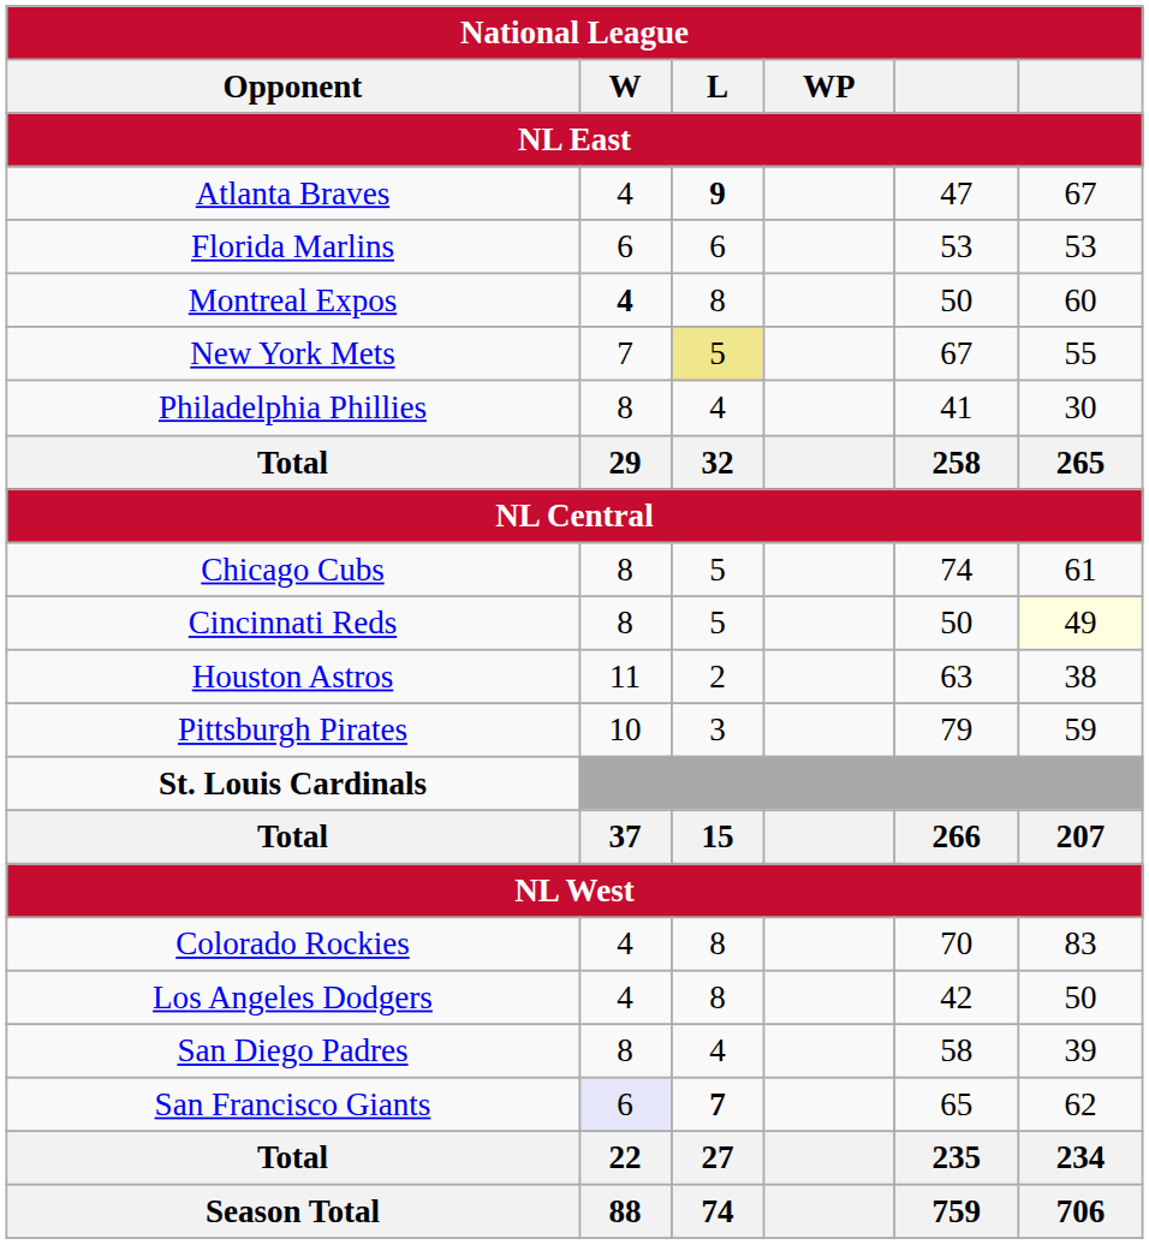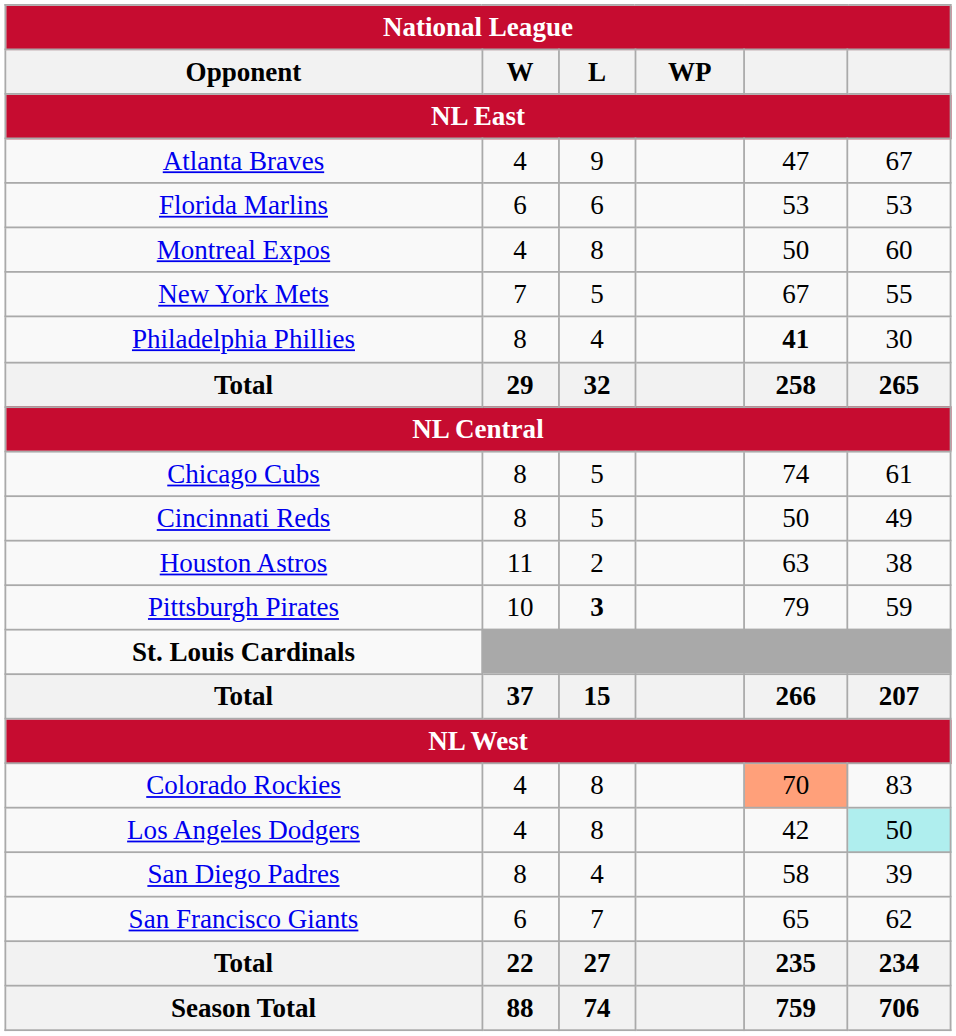 <table class="wikitable" style="font-size:95%; text-align:center; width:35em;margin: 0.5em auto;">
 <tr>
 <th colspan="7" style="background:#c60c30; color:#ffffff;">National League</th>
 </tr>
 <tr>
 <th>Opponent</th>
 <th>W</th>
 <th>L</th>
 <th>WP</th>
 <th></th>
 <th></th>
 </tr>
 <tr>
 <th colspan="7" style="background:#c60c30; color:#ffffff;">NL East</th>
 </tr>
 <tr>
 <td><a href='#'>Atlanta Braves</a></td>
 <td>4</td>
-<td><strong>9</strong></td>
+<td>9</td>
 <td></td>
 <td>47</td>
 <td>67</td>
 </tr>
 <tr>
 <td><a href='#'>Florida Marlins</a></td>
 <td>6</td>
 <td>6</td>
 <td></td>
 <td>53</td>
 <td>53</td>
 </tr>
 <tr>
 <td><a href='#'>Montreal Expos</a></td>
-<td><strong>4</strong></td>
+<td>4</td>
 <td>8</td>
 <td></td>
 <td>50</td>
 <td>60</td>
 </tr>
 <tr>
 <td><a href='#'>New York Mets</a></td>
 <td>7</td>
-<td style="background: khaki;">5</td>
+<td>5</td>
 <td></td>
 <td>67</td>
 <td>55</td>
 </tr>
 <tr>
 <td><a href='#'>Philadelphia Phillies</a></td>
 <td>8</td>
 <td>4</td>
 <td></td>
-<td>41</td>
+<td><strong>41</strong></td>
 <td>30</td>
 </tr>
 <tr>
 <th>Total</th>
 <th>29</th>
 <th>32</th>
 <th></th>
 <th>258</th>
 <th>265</th>
 </tr>
 <tr>
 <th colspan="7" style="background:#c60c30; color:#ffffff;">NL Central</th>
 </tr>
 <tr>
 <td><a href='#'>Chicago Cubs</a></td>
 <td>8</td>
 <td>5</td>
 <td></td>
 <td>74</td>
 <td>61</td>
 </tr>
 <tr>
 <td><a href='#'>Cincinnati Reds</a></td>
 <td>8</td>
 <td>5</td>
 <td></td>
 <td>50</td>
-<td style="background: lightyellow;">49</td>
+<td>49</td>
 </tr>
 <tr>
 <td><a href='#'>Houston Astros</a></td>
 <td>11</td>
 <td>2</td>
 <td></td>
 <td>63</td>
 <td>38</td>
 </tr>
 <tr>
 <td><a href='#'>Pittsburgh Pirates</a></td>
 <td>10</td>
-<td>3</td>
+<td><strong>3</strong></td>
 <td></td>
 <td>79</td>
 <td>59</td>
 </tr>
 <tr>
 <td><strong>St. Louis Cardinals</strong></td>
 <td colspan=5 style="background:darkgray;"></td>
 </tr>
 <tr>
 <th>Total</th>
 <th>37</th>
 <th>15</th>
 <th></th>
 <th>266</th>
 <th>207</th>
 </tr>
 <tr>
 <th colspan="7" style="background:#c60c30; color:#ffffff;">NL West</th>
 </tr>
 <tr>
 <td><a href='#'>Colorado Rockies</a></td>
 <td>4</td>
 <td>8</td>
 <td></td>
-<td>70</td>
+<td style="background: lightsalmon;">70</td>
 <td>83</td>
 </tr>
 <tr>
 <td><a href='#'>Los Angeles Dodgers</a></td>
 <td>4</td>
 <td>8</td>
 <td></td>
 <td>42</td>
-<td>50</td>
+<td style="background: paleturquoise;">50</td>
 </tr>
 <tr>
 <td><a href='#'>San Diego Padres</a></td>
 <td>8</td>
 <td>4</td>
 <td></td>
 <td>58</td>
 <td>39</td>
 </tr>
 <tr>
 <td><a href='#'>San Francisco Giants</a></td>
-<td style="background: lavender;">6</td>
-<td><strong>7</strong></td>
+<td>6</td>
+<td>7</td>
 <td></td>
 <td>65</td>
 <td>62</td>
 </tr>
 <tr>
 <th>Total</th>
 <th>22</th>
 <th>27</th>
 <th></th>
 <th>235</th>
 <th>234</th>
 </tr>
 <tr>
 <th>Season Total</th>
 <th>88</th>
 <th>74</th>
 <th></th>
 <th>759</th>
 <th>706</th>
 </tr>
 </table>
